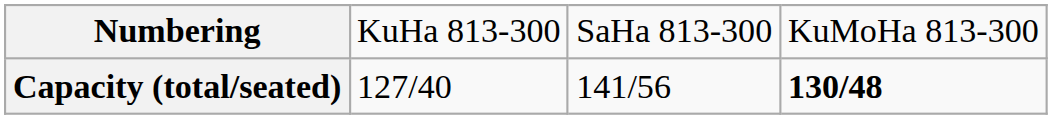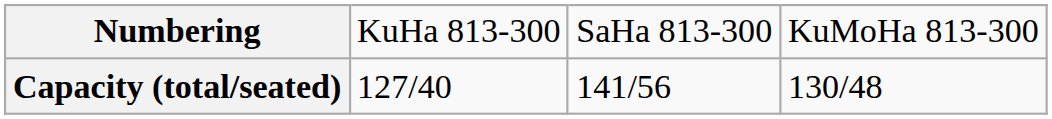 <table class="wikitable">
 <tr>
 <th>Numbering</th>
 <td>KuHa 813-300</td>
 <td>SaHa 813-300</td>
 <td>KuMoHa 813-300</td>
 </tr>
 <tr>
 <th>Capacity (total/seated)</th>
 <td>127/40</td>
 <td>141/56</td>
-<td><strong>130/48</strong></td>
+<td>130/48</td>
 </tr>
 </table>
